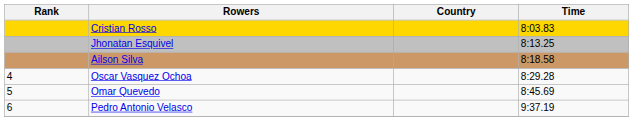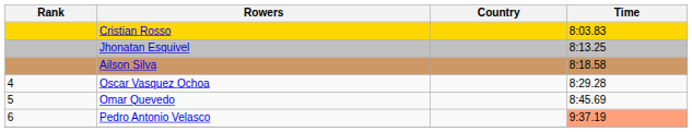 <table class="wikitable" width=50%>
 <tr>
 <th>Rank</th>
 <th>Rowers</th>
 <th>Country</th>
 <th>Time</th>
 </tr>
 <tr bgcolor=gold>
 <td></td>
 <td><a href='#'>Cristian Rosso</a></td>
 <td></td>
 <td>8:03.83</td>
 </tr>
 <tr bgcolor=silver>
 <td></td>
 <td><a href='#'>Jhonatan Esquivel</a></td>
 <td></td>
 <td>8:13.25</td>
 </tr>
 <tr bgcolor=cc9966>
 <td></td>
 <td><a href='#'>Ailson Silva</a></td>
 <td></td>
 <td>8:18.58</td>
 </tr>
 <tr>
 <td>4</td>
 <td><a href='#'>Oscar Vasquez Ochoa</a></td>
 <td></td>
 <td>8:29.28</td>
 </tr>
 <tr>
 <td>5</td>
 <td><a href='#'>Omar Quevedo</a></td>
 <td></td>
 <td>8:45.69</td>
 </tr>
 <tr>
 <td>6</td>
 <td><a href='#'>Pedro Antonio Velasco</a></td>
 <td></td>
-<td>9:37.19</td>
+<td style="background: lightsalmon;">9:37.19</td>
 </tr>
 <tr>
 </tr>
 </table>
